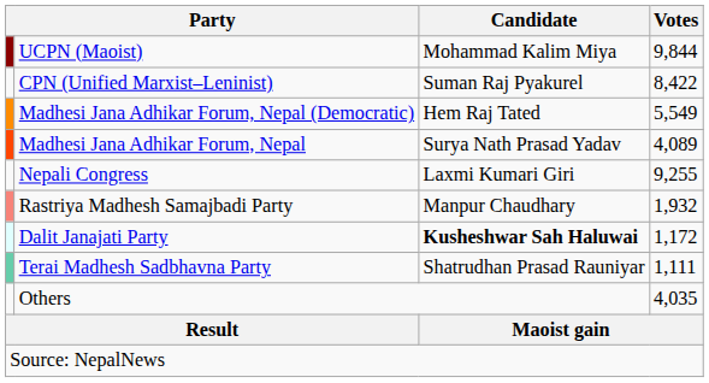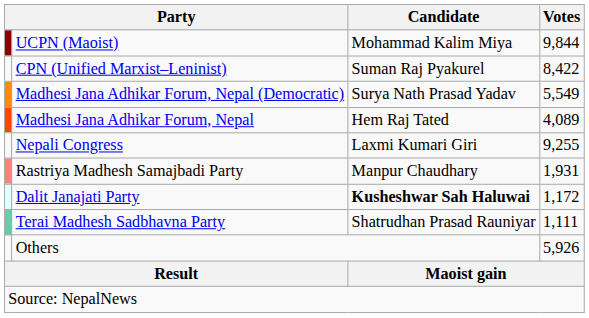 <table class="wikitable">
 <tr>
 <th colspan="2">Party</th>
 <th>Candidate</th>
 <th>Votes</th>
 </tr>
 <tr>
 <td style="background-color:darkred"></td>
 <td><a href='#'>UCPN (Maoist)</a></td>
 <td>Mohammad Kalim Miya</td>
 <td>9,844</td>
 </tr>
 <tr>
 <td style="background-color:"></td>
 <td><a href='#'>CPN (Unified Marxist–Leninist)</a></td>
 <td>Suman Raj Pyakurel</td>
 <td>8,422</td>
 </tr>
 <tr>
 <td style="background-color:darkorange"></td>
 <td><a href='#'>Madhesi Jana Adhikar Forum, Nepal (Democratic)</a></td>
-<td>Hem Raj Tated</td>
+<td>Surya Nath Prasad Yadav</td>
 <td>5,549</td>
 </tr>
 <tr>
 <td style="background-color:orangered"></td>
 <td><a href='#'>Madhesi Jana Adhikar Forum, Nepal</a></td>
-<td>Surya Nath Prasad Yadav</td>
+<td>Hem Raj Tated</td>
 <td>4,089</td>
 </tr>
 <tr>
 <td style="background-color:"></td>
 <td><a href='#'>Nepali Congress</a></td>
 <td>Laxmi Kumari Giri</td>
 <td>9,255</td>
 </tr>
 <tr>
 <td style="background-color:#F88379"></td>
 <td>Rastriya Madhesh Samajbadi Party</td>
 <td>Manpur Chaudhary</td>
-<td>1,932</td>
+<td>1,931</td>
 </tr>
 <tr>
 <td style="background-color:#e0ffff"></td>
 <td><a href='#'>Dalit Janajati Party</a></td>
 <td><strong>Kusheshwar Sah Haluwai</strong></td>
 <td>1,172</td>
 </tr>
 <tr>
 <td style="background-color:mediumaquamarine"></td>
 <td><a href='#'>Terai Madhesh Sadbhavna Party</a></td>
 <td>Shatrudhan Prasad Rauniyar</td>
 <td>1,111</td>
 </tr>
 <tr>
 <td></td>
 <td colspan="2">Others</td>
-<td>4,035</td>
+<td>5,926</td>
 </tr>
 <tr>
 <th colspan="2">Result</th>
 <th colspan="2">Maoist gain</th>
 </tr>
 <tr>
 <td colspan="4">Source: NepalNews</td>
 </tr>
 </table>
